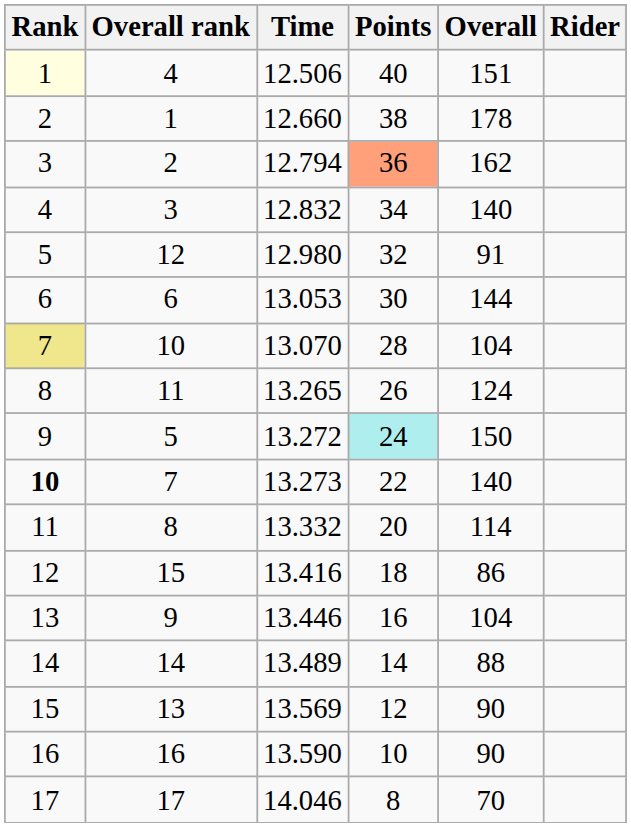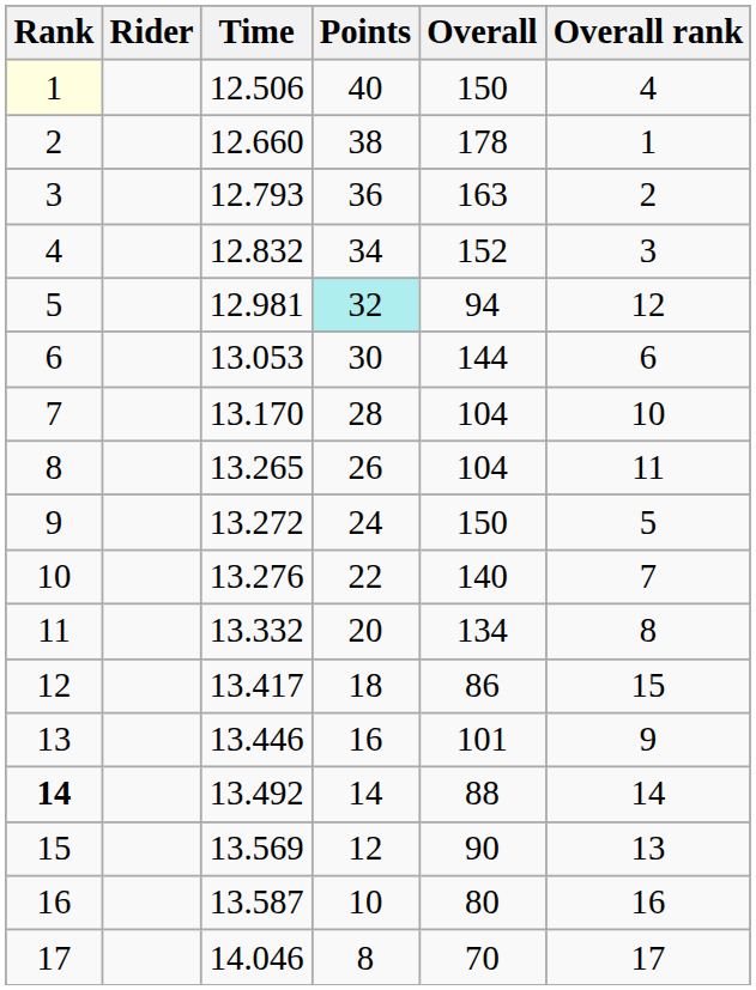 <table class="wikitable sortable" style="text-align:center">
 <tr>
 <th>Rank</th>
-<th>Overall rank</th>
+<th>Rider</th>
 <th>Time</th>
 <th>Points</th>
 <th>Overall</th>
-<th>Rider</th>
+<th>Overall rank</th>
 </tr>
 <tr>
 <td style="background: lightyellow;">1</td>
-<td>4</td>
+<td align=left></td>
 <td>12.506</td>
 <td>40</td>
-<td>151</td>
-<td align=left></td>
+<td>150</td>
+<td>4</td>
 </tr>
 <tr>
 <td>2</td>
-<td>1</td>
+<td align=left></td>
 <td>12.660</td>
 <td>38</td>
 <td>178</td>
-<td align=left></td>
+<td>1</td>
 </tr>
 <tr>
 <td>3</td>
+<td align=left></td>
+<td>12.793</td>
+<td>36</td>
+<td>163</td>
 <td>2</td>
-<td>12.794</td>
-<td style="background: lightsalmon;">36</td>
-<td>162</td>
-<td align=left></td>
 </tr>
 <tr>
 <td>4</td>
-<td>3</td>
+<td align=left></td>
 <td>12.832</td>
 <td>34</td>
-<td>140</td>
-<td align=left></td>
+<td>152</td>
+<td>3</td>
 </tr>
 <tr>
 <td>5</td>
+<td align=left></td>
+<td>12.981</td>
+<td style="background: paleturquoise;">32</td>
+<td>94</td>
 <td>12</td>
-<td>12.980</td>
-<td>32</td>
-<td>91</td>
-<td align=left></td>
 </tr>
 <tr>
 <td>6</td>
-<td>6</td>
+<td align=left></td>
 <td>13.053</td>
 <td>30</td>
 <td>144</td>
-<td align=left></td>
+<td>6</td>
 </tr>
 <tr>
-<td style="background: khaki;">7</td>
-<td>10</td>
-<td>13.070</td>
+<td>7</td>
+<td align=left></td>
+<td>13.170</td>
 <td>28</td>
 <td>104</td>
-<td align=left></td>
+<td>10</td>
 </tr>
 <tr>
 <td>8</td>
-<td>11</td>
+<td align=left></td>
 <td>13.265</td>
 <td>26</td>
-<td>124</td>
-<td align=left></td>
+<td>104</td>
+<td>11</td>
 </tr>
 <tr>
 <td>9</td>
+<td align=left></td>
+<td>13.272</td>
+<td>24</td>
+<td>150</td>
 <td>5</td>
-<td>13.272</td>
-<td style="background: paleturquoise;">24</td>
-<td>150</td>
-<td align=left></td>
 </tr>
 <tr>
-<td><strong>10</strong></td>
-<td>7</td>
-<td>13.273</td>
+<td>10</td>
+<td align=left></td>
+<td>13.276</td>
 <td>22</td>
 <td>140</td>
-<td align=left></td>
+<td>7</td>
 </tr>
 <tr>
 <td>11</td>
-<td>8</td>
+<td align=left></td>
 <td>13.332</td>
 <td>20</td>
-<td>114</td>
-<td align=left></td>
+<td>134</td>
+<td>8</td>
 </tr>
 <tr>
 <td>12</td>
-<td>15</td>
-<td>13.416</td>
+<td align=left></td>
+<td>13.417</td>
 <td>18</td>
 <td>86</td>
-<td align=left></td>
+<td>15</td>
 </tr>
 <tr>
 <td>13</td>
-<td>9</td>
+<td align=left></td>
 <td>13.446</td>
 <td>16</td>
-<td>104</td>
-<td align=left></td>
+<td>101</td>
+<td>9</td>
 </tr>
 <tr>
-<td>14</td>
-<td>14</td>
-<td>13.489</td>
+<td><strong>14</strong></td>
+<td align=left></td>
+<td>13.492</td>
 <td>14</td>
 <td>88</td>
-<td align=left></td>
+<td>14</td>
 </tr>
 <tr>
 <td>15</td>
-<td>13</td>
+<td align=left></td>
 <td>13.569</td>
 <td>12</td>
 <td>90</td>
-<td align=left></td>
+<td>13</td>
 </tr>
 <tr>
 <td>16</td>
+<td align=left></td>
+<td>13.587</td>
+<td>10</td>
+<td>80</td>
 <td>16</td>
-<td>13.590</td>
-<td>10</td>
-<td>90</td>
-<td align=left></td>
 </tr>
 <tr>
 <td>17</td>
-<td>17</td>
+<td align=left></td>
 <td>14.046</td>
 <td>8</td>
 <td>70</td>
-<td align=left></td>
+<td>17</td>
 </tr>
 </table>
